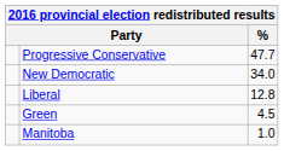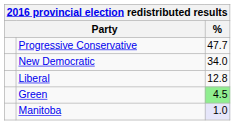 <table class="wikitable">
 <tr>
 <th colspan="4"><a href='#'>2016 provincial election</a> redistributed results</th>
 </tr>
 <tr>
 <th bgcolor="#DDDDFF" width="130px" colspan="2">Party</th>
 <th bgcolor="#DDDDFF" width="30px">%</th>
 </tr>
 <tr>
 <td> </td>
 <td><a href='#'>Progressive Conservative</a></td>
 <td align=right>47.7</td>
 </tr>
 <tr>
 <td> </td>
 <td><a href='#'>New Democratic</a></td>
 <td align=right>34.0</td>
 </tr>
 <tr>
 <td> </td>
 <td><a href='#'>Liberal</a></td>
 <td align=right>12.8</td>
 </tr>
 <tr>
 <td> </td>
 <td><a href='#'>Green</a></td>
-<td align=right>4.5</td>
+<td align=right style="background: lightgreen;">4.5</td>
 </tr>
 <tr>
 <td> </td>
 <td><a href='#'>Manitoba</a></td>
-<td align=right>1.0</td>
+<td align=right style="background: lavender;">1.0</td>
 </tr>
 </table>
